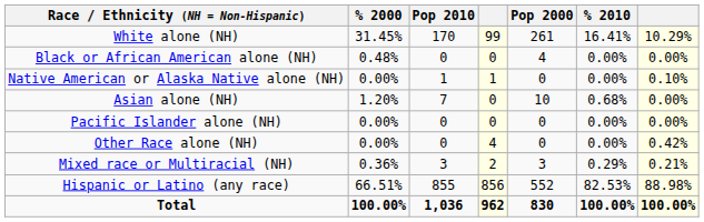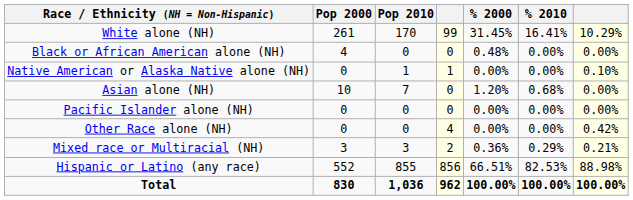 <table class="wikitable" style="text-align:center;">
 <tr>
 <th>Race / Ethnicity <small>(<em>NH = Non-Hispanic</em>)</small></th>
-<th>% 2000</th>
+<th>Pop 2000</th>
 <th>Pop 2010</th>
 <th></th>
-<th>Pop 2000</th>
+<th>% 2000</th>
 <th>% 2010</th>
 <th></th>
 </tr>
 <tr>
 <td><a href='#'>White</a> alone (NH)</td>
-<td>31.45%</td>
+<td>261</td>
 <td>170</td>
 <td style='background: #ffffe6;'>99</td>
-<td>261</td>
+<td>31.45%</td>
 <td>16.41%</td>
 <td style='background: #ffffe6;'>10.29%</td>
 </tr>
 <tr>
 <td><a href='#'>Black or African American</a> alone (NH)</td>
-<td>0.48%</td>
+<td>4</td>
 <td>0</td>
 <td style='background: #ffffe6;'>0</td>
-<td>4</td>
+<td>0.48%</td>
 <td>0.00%</td>
 <td style='background: #ffffe6;'>0.00%</td>
 </tr>
 <tr>
 <td><a href='#'>Native American</a> or <a href='#'>Alaska Native</a> alone (NH)</td>
-<td>0.00%</td>
+<td>0</td>
 <td>1</td>
 <td style='background: #ffffe6;'>1</td>
-<td>0</td>
+<td>0.00%</td>
 <td>0.00%</td>
 <td style='background: #ffffe6;'>0.10%</td>
 </tr>
 <tr>
 <td><a href='#'>Asian</a> alone (NH)</td>
-<td>1.20%</td>
+<td>10</td>
 <td>7</td>
 <td style='background: #ffffe6;'>0</td>
-<td>10</td>
+<td>1.20%</td>
 <td>0.68%</td>
 <td style='background: #ffffe6;'>0.00%</td>
 </tr>
 <tr>
 <td><a href='#'>Pacific Islander</a> alone (NH)</td>
-<td>0.00%</td>
+<td>0</td>
 <td>0</td>
 <td style='background: #ffffe6;'>0</td>
-<td>0</td>
+<td>0.00%</td>
 <td>0.00%</td>
 <td style='background: #ffffe6;'>0.00%</td>
 </tr>
 <tr>
 <td><a href='#'>Other Race</a> alone (NH)</td>
-<td>0.00%</td>
+<td>0</td>
 <td>0</td>
 <td style='background: #ffffe6;'>4</td>
-<td>0</td>
+<td>0.00%</td>
 <td>0.00%</td>
 <td style='background: #ffffe6;'>0.42%</td>
 </tr>
 <tr>
 <td><a href='#'>Mixed race or Multiracial</a> (NH)</td>
-<td>0.36%</td>
+<td>3</td>
 <td>3</td>
 <td style='background: #ffffe6;'>2</td>
-<td>3</td>
+<td>0.36%</td>
 <td>0.29%</td>
 <td style='background: #ffffe6;'>0.21%</td>
 </tr>
 <tr>
 <td><a href='#'>Hispanic or Latino</a> (any race)</td>
-<td>66.51%</td>
+<td>552</td>
 <td>855</td>
 <td style='background: #ffffe6;'>856</td>
-<td>552</td>
+<td>66.51%</td>
 <td>82.53%</td>
 <td style='background: #ffffe6;'>88.98%</td>
 </tr>
 <tr>
 <td><strong>Total</strong></td>
-<td><strong>100.00%</strong></td>
+<td><strong>830</strong></td>
 <td><strong>1,036</strong></td>
 <td style='background: #ffffe6;'><strong>962</strong></td>
-<td><strong>830</strong></td>
+<td><strong>100.00%</strong></td>
 <td><strong>100.00%</strong></td>
 <td style='background: #ffffe6;'><strong>100.00%</strong></td>
 </tr>
 </table>
